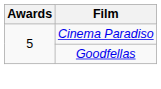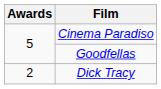 <table class="wikitable" style="text-align:center;">
 <tr>
 <th style="background:">Awards</th>
 <th style="background:">Film</th>
 </tr>
 <tr>
 <td rowspan="2">5</td>
 <td><em><a href='#'>Cinema Paradiso</a></em></td>
 </tr>
 <tr>
 <td><em><a href='#'>Goodfellas</a></em></td>
 </tr>
+<tr>
+<td>2</td>
+<td><em><a href='#'>Dick Tracy</a></em></td>
+</tr>
 </table>
